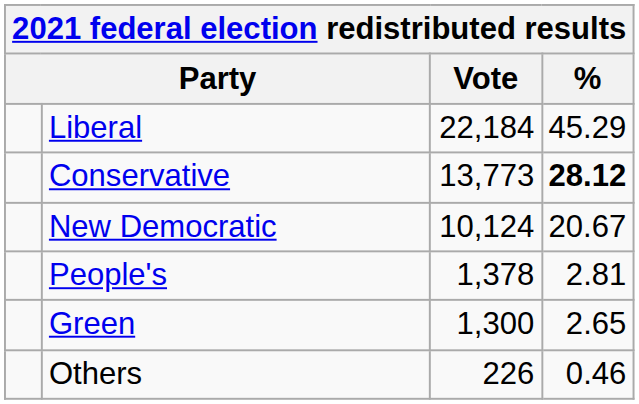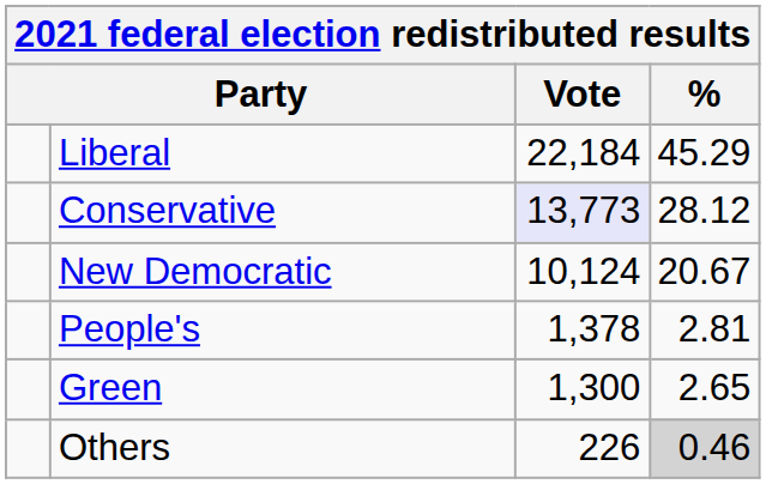 <table class="wikitable">
 <tr>
 <th colspan="4"><a href='#'>2021 federal election</a> redistributed results</th>
 </tr>
 <tr>
 <th bgcolor="#DDDDFF" width="130px" colspan="2">Party</th>
 <th bgcolor="#DDDDFF" width="50px">Vote</th>
 <th bgcolor="#DDDDFF" width="30px">%</th>
 </tr>
 <tr>
 <td> </td>
 <td><a href='#'>Liberal</a></td>
 <td align=right>22,184</td>
 <td align=right>45.29</td>
 </tr>
 <tr>
 <td> </td>
 <td><a href='#'>Conservative</a></td>
-<td align=right>13,773</td>
-<td align=right><strong>28.12</strong></td>
+<td align=right style="background: lavender;">13,773</td>
+<td align=right>28.12</td>
 </tr>
 <tr>
 <td> </td>
 <td><a href='#'>New Democratic</a></td>
 <td align=right>10,124</td>
 <td align=right>20.67</td>
 </tr>
 <tr>
 <td> </td>
 <td><a href='#'>People's</a></td>
 <td align=right>1,378</td>
 <td align=right>2.81</td>
 </tr>
 <tr>
 <td> </td>
 <td><a href='#'>Green</a></td>
 <td align=right>1,300</td>
 <td align=right>2.65</td>
 </tr>
 <tr>
 <td> </td>
 <td>Others</td>
 <td align=right>226</td>
-<td align=right>0.46</td>
+<td align=right style="background: lightgrey;">0.46</td>
 </tr>
 </table>
